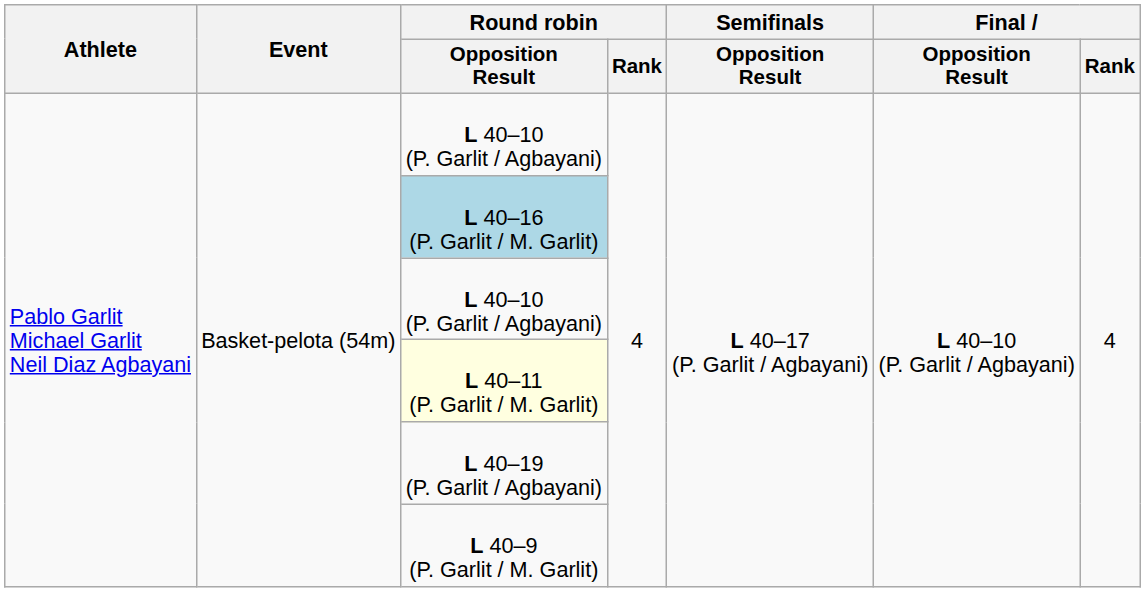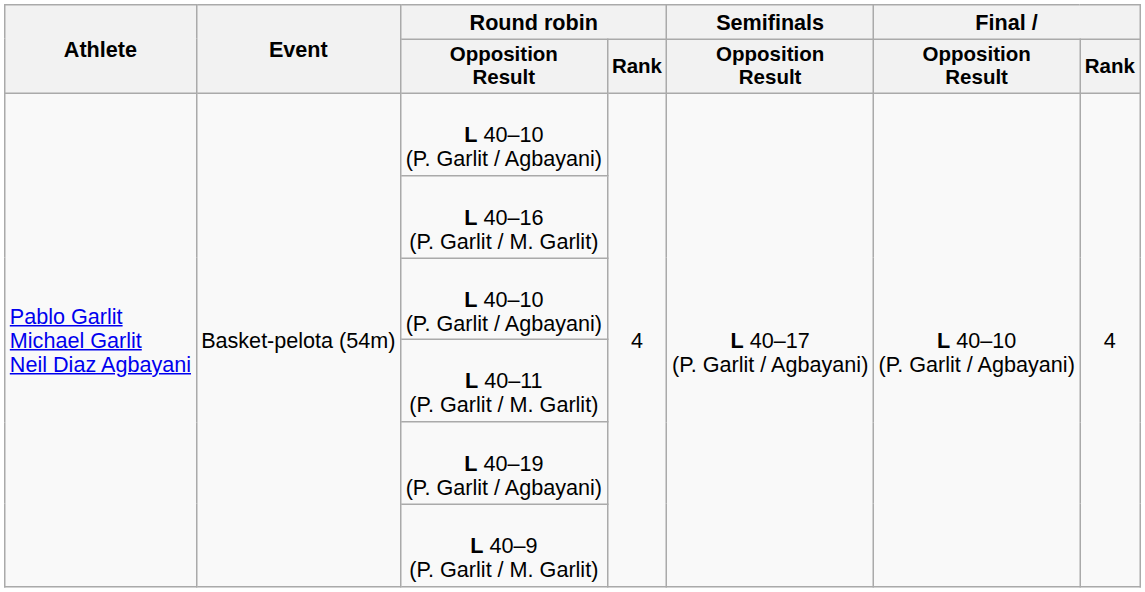 <table class="wikitable" style="font-size:90%;">
 <tr>
 <th rowspan=2>Athlete</th>
 <th rowspan=2>Event</th>
 <th colspan=2>Round robin</th>
 <th>Semifinals</th>
 <th colspan=2>Final / </th>
 </tr>
 <tr style="font-size:95%">
 <th>Opposition<br>Result</th>
 <th>Rank</th>
 <th>Opposition<br>Result</th>
 <th>Opposition<br>Result</th>
 <th>Rank</th>
 </tr>
 <tr align=center>
 <td rowspan=6 align=left><a href='#'>Pablo Garlit</a><br><a href='#'>Michael Garlit</a><br><a href='#'>Neil Diaz Agbayani</a></td>
 <td rowspan=6>Basket-pelota (54m)</td>
 <td><br><strong>L</strong> 40–10<br>(P. Garlit / Agbayani)</td>
 <td rowspan=6>4</td>
 <td rowspan=6><br><strong>L</strong> 40–17<br>(P. Garlit / Agbayani)</td>
 <td rowspan=6><br><strong>L</strong> 40–10<br>(P. Garlit / Agbayani)</td>
 <td rowspan=6>4</td>
 </tr>
 <tr align=center>
-<td style="background: lightblue;"><br><strong>L</strong> 40–16<br>(P. Garlit / M. Garlit)</td>
+<td><br><strong>L</strong> 40–16<br>(P. Garlit / M. Garlit)</td>
 </tr>
 <tr align=center>
 <td><br><strong>L</strong> 40–10<br>(P. Garlit / Agbayani)</td>
 </tr>
 <tr align=center>
-<td style="background: lightyellow;"><br><strong>L</strong> 40–11<br>(P. Garlit / M. Garlit)</td>
+<td><br><strong>L</strong> 40–11<br>(P. Garlit / M. Garlit)</td>
 </tr>
 <tr align=center>
 <td><br><strong>L</strong> 40–19<br>(P. Garlit / Agbayani)</td>
 </tr>
 <tr align=center>
 <td><br><strong>L</strong> 40–9<br>(P. Garlit / M. Garlit)</td>
 </tr>
 </table>
